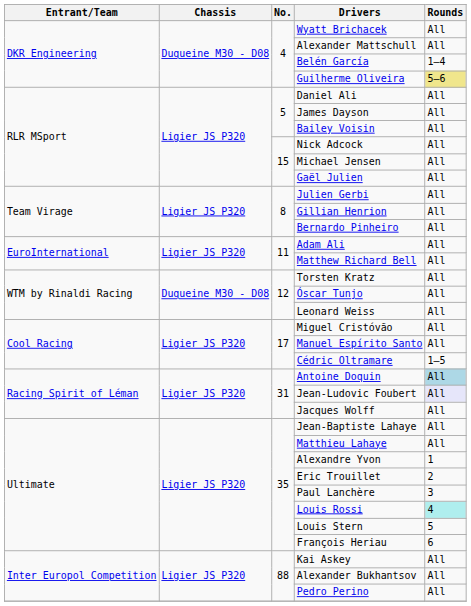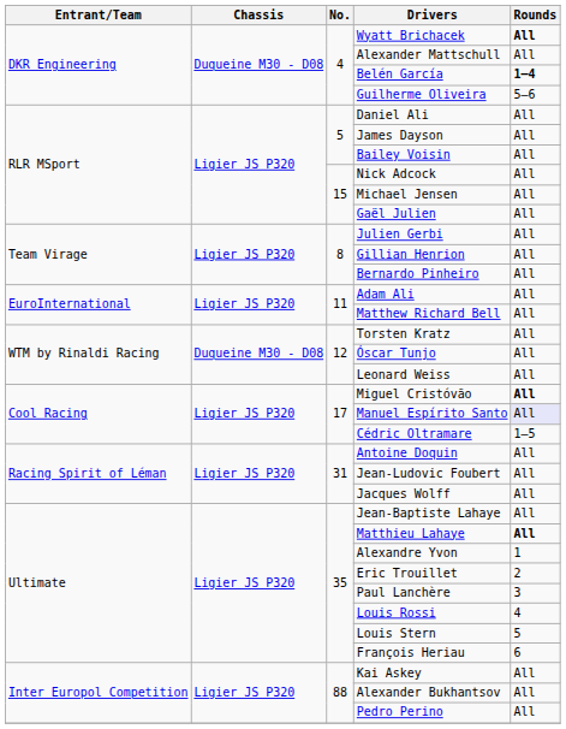 <table class="wikitable" style="font-size: 85%;">
 <tr>
 <th>Entrant/Team</th>
 <th>Chassis</th>
 <th>No.</th>
 <th>Drivers</th>
 <th>Rounds</th>
 </tr>
 <tr>
 <td rowspan="4"> <a href='#'>DKR Engineering</a></td>
 <td rowspan="4"><a href='#'>Duqueine M30 - D08</a></td>
 <td rowspan="4" align="center">4</td>
 <td> <a href='#'>Wyatt Brichacek</a></td>
-<td>All</td>
+<td><strong>All</strong></td>
 </tr>
 <tr>
 <td> Alexander Mattschull</td>
 <td>All</td>
 </tr>
 <tr>
 <td> <a href='#'>Belén García</a></td>
-<td>1–4</td>
+<td><strong>1–4</strong></td>
 </tr>
 <tr>
 <td> <a href='#'>Guilherme Oliveira</a></td>
-<td style="background: khaki;">5–6</td>
+<td>5–6</td>
 </tr>
 <tr>
 <td rowspan="6"> RLR MSport</td>
 <td rowspan="6"><a href='#'>Ligier JS P320</a></td>
 <td rowspan="3" align="center">5</td>
 <td> Daniel Ali</td>
 <td>All</td>
 </tr>
 <tr>
 <td> James Dayson</td>
 <td>All</td>
 </tr>
 <tr>
 <td> <a href='#'>Bailey Voisin</a></td>
 <td>All</td>
 </tr>
 <tr>
 <td rowspan="3" align="center">15</td>
 <td> Nick Adcock</td>
 <td>All</td>
 </tr>
 <tr>
 <td> Michael Jensen</td>
 <td>All</td>
 </tr>
 <tr>
 <td> <a href='#'>Gaël Julien</a></td>
 <td>All</td>
 </tr>
 <tr>
 <td rowspan="3"> Team Virage</td>
 <td rowspan="3"><a href='#'>Ligier JS P320</a></td>
 <td rowspan="3" align="center">8</td>
 <td> <a href='#'>Julien Gerbi</a></td>
 <td>All</td>
 </tr>
 <tr>
 <td> <a href='#'>Gillian Henrion</a></td>
 <td>All</td>
 </tr>
 <tr>
 <td> <a href='#'>Bernardo Pinheiro</a></td>
 <td>All</td>
 </tr>
 <tr>
 <td rowspan="2"> <a href='#'>EuroInternational</a></td>
 <td rowspan="2"><a href='#'>Ligier JS P320</a></td>
 <td rowspan="2" align="center">11</td>
 <td> <a href='#'>Adam Ali</a></td>
 <td>All</td>
 </tr>
 <tr>
 <td> <a href='#'>Matthew Richard Bell</a></td>
 <td>All</td>
 </tr>
 <tr>
 <td rowspan="3"> WTM by Rinaldi Racing</td>
 <td rowspan="3"><a href='#'>Duqueine M30 - D08</a></td>
 <td rowspan="3" align="center">12</td>
 <td> Torsten Kratz</td>
 <td>All</td>
 </tr>
 <tr>
 <td> <a href='#'>Óscar Tunjo</a></td>
 <td>All</td>
 </tr>
 <tr>
 <td> Leonard Weiss</td>
 <td>All</td>
 </tr>
 <tr>
 <td rowspan="3"> <a href='#'>Cool Racing</a></td>
 <td rowspan="3"><a href='#'>Ligier JS P320</a></td>
 <td rowspan="3" align="center">17</td>
 <td> Miguel Cristóvão</td>
-<td>All</td>
+<td><strong>All</strong></td>
 </tr>
 <tr>
 <td> <a href='#'>Manuel Espírito Santo</a></td>
-<td>All</td>
+<td style="background: lavender;">All</td>
 </tr>
 <tr>
 <td> <a href='#'>Cédric Oltramare</a></td>
 <td>1–5</td>
 </tr>
 <tr>
 <td rowspan="3"> <a href='#'>Racing Spirit of Léman</a></td>
 <td rowspan="3"><a href='#'>Ligier JS P320</a></td>
 <td rowspan="3" align="center">31</td>
 <td> <a href='#'>Antoine Doquin</a></td>
-<td style="background: lightblue;">All</td>
+<td>All</td>
 </tr>
 <tr>
 <td> Jean-Ludovic Foubert</td>
-<td style="background: lavender;">All</td>
+<td>All</td>
 </tr>
 <tr>
 <td> Jacques Wolff</td>
 <td>All</td>
 </tr>
 <tr>
 <td rowspan="8"> Ultimate</td>
 <td rowspan="8"><a href='#'>Ligier JS P320</a></td>
 <td rowspan="8" align="center">35</td>
 <td> Jean-Baptiste Lahaye</td>
 <td>All</td>
 </tr>
 <tr>
 <td> <a href='#'>Matthieu Lahaye</a></td>
-<td>All</td>
+<td><strong>All</strong></td>
 </tr>
 <tr>
 <td> Alexandre Yvon</td>
 <td>1</td>
 </tr>
 <tr>
 <td> Eric Trouillet</td>
 <td>2</td>
 </tr>
 <tr>
 <td> Paul Lanchère</td>
 <td>3</td>
 </tr>
 <tr>
 <td> <a href='#'>Louis Rossi</a></td>
-<td style="background: paleturquoise;">4</td>
+<td>4</td>
 </tr>
 <tr>
 <td> Louis Stern</td>
 <td>5</td>
 </tr>
 <tr>
 <td> François Heriau</td>
 <td>6</td>
 </tr>
 <tr>
 <td rowspan="3"> <a href='#'>Inter Europol Competition</a></td>
 <td rowspan="3"><a href='#'>Ligier JS P320</a></td>
 <td rowspan="3" align="center">88</td>
 <td> Kai Askey</td>
 <td>All</td>
 </tr>
 <tr>
 <td> Alexander Bukhantsov</td>
 <td>All</td>
 </tr>
 <tr>
 <td> <a href='#'>Pedro Perino</a></td>
 <td>All</td>
 </tr>
 <tr>
 </tr>
 </table>
